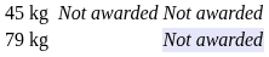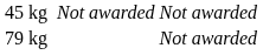 <table>
 <tr>
 <td>45 kg</td>
 <td></td>
 <td><em>Not awarded</em></td>
 <td><em>Not awarded</em></td>
 </tr>
 <tr>
 <td>79 kg</td>
 <td></td>
 <td></td>
-<td style="background: lavender;"><em>Not awarded</em></td>
+<td><em>Not awarded</em></td>
 </tr>
 </table>
